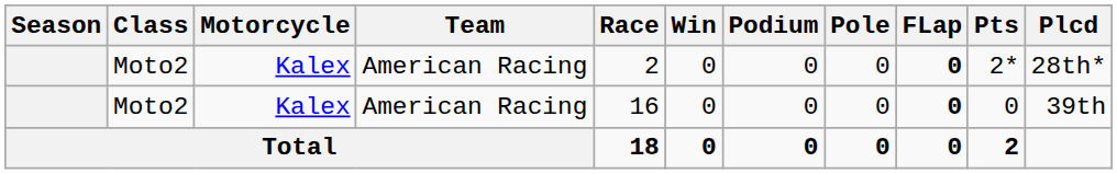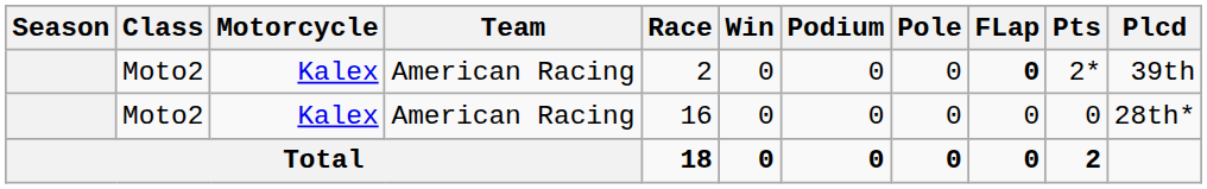 <table class="wikitable" style=text-align:right>
 <tr>
 <th>Season</th>
 <th>Class</th>
 <th>Motorcycle</th>
 <th>Team</th>
 <th>Race</th>
 <th>Win</th>
 <th>Podium</th>
 <th>Pole</th>
 <th>FLap</th>
 <th>Pts</th>
 <th>Plcd</th>
 </tr>
 <tr>
 <th></th>
 <td>Moto2</td>
 <td><a href='#'>Kalex</a></td>
 <td>American Racing</td>
 <td>2</td>
 <td>0</td>
 <td>0</td>
 <td>0</td>
 <td><strong>0</strong></td>
 <td>2*</td>
-<td>28th*</td>
+<td>39th</td>
 </tr>
 <tr>
 <th></th>
 <td>Moto2</td>
 <td><a href='#'>Kalex</a></td>
 <td>American Racing</td>
 <td>16</td>
 <td>0</td>
 <td>0</td>
 <td>0</td>
-<td><strong>0</strong></td>
 <td>0</td>
-<td>39th</td>
+<td>0</td>
+<td>28th*</td>
 </tr>
 <tr>
 <th colspan="4">Total</th>
 <td><strong>18</strong></td>
 <td><strong>0</strong></td>
 <td><strong>0</strong></td>
 <td><strong>0</strong></td>
 <td><strong>0</strong></td>
 <td><strong>2</strong></td>
 <td></td>
 </tr>
 </table>
